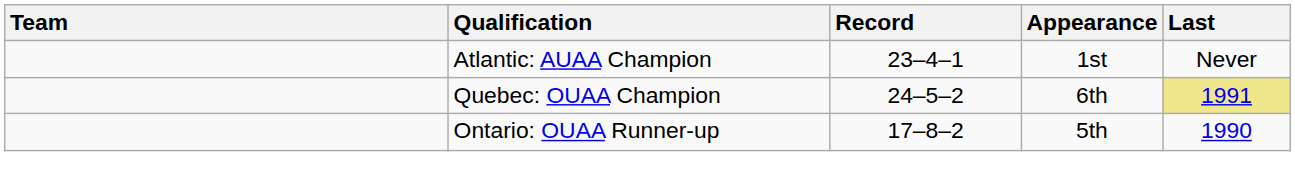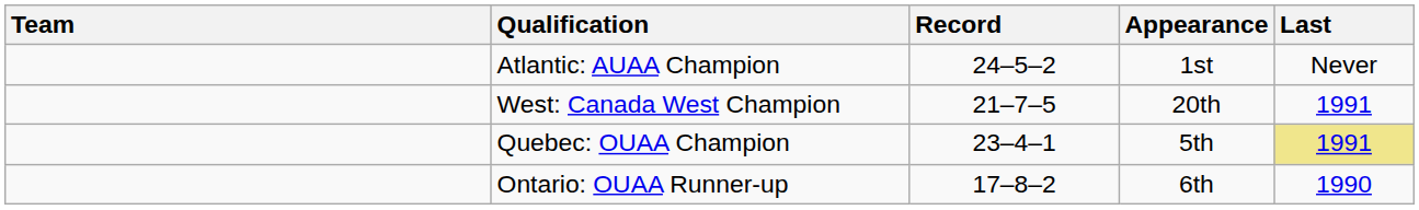 <table class="wikitable sortable" style="text-align: center;" width=900>
 <tr style="background:#efefef; text-align:center">
 <th style="text-align:left" width=35%>Team</th>
 <th style="text-align:left" width=30%>Qualification</th>
 <th style="text-align:left" width=15%>Record</th>
 <th style="text-align:left" width=10%>Appearance</th>
 <th style="text-align:left" width=10%>Last</th>
 </tr>
 <tr style="text-align:center">
 <td style="text-align:left; "><a href='#'></a></td>
 <td style="text-align:left">Atlantic: <a href='#'>AUAA</a> Champion</td>
-<td style="text-align:center">23–4–1</td>
+<td style="text-align:center">24–5–2</td>
 <td style="text-align:center">1st</td>
 <td style="text-align:center">Never</td>
 </tr>
 <tr style="text-align:center">
 <td style="text-align:left; "><a href='#'></a></td>
+<td style="text-align:left">West: <a href='#'>Canada West</a> Champion</td>
+<td style="text-align:center">21–7–5</td>
+<td style="text-align:center">20th</td>
+<td style="text-align:center"><a href='#'>1991</a></td>
+</tr>
+<tr style="text-align:center">
+<td style="text-align:left; "><a href='#'></a></td>
 <td style="text-align:left">Quebec: <a href='#'>OUAA</a> Champion</td>
-<td style="text-align:center">24–5–2</td>
-<td style="text-align:center">6th</td>
+<td style="text-align:center">23–4–1</td>
+<td style="text-align:center">5th</td>
 <td style="background: khaki; text-align:center"><a href='#'>1991</a></td>
 </tr>
 <tr style="text-align:center">
 <td style="text-align:left; "><a href='#'></a></td>
 <td style="text-align:left">Ontario: <a href='#'>OUAA</a> Runner-up</td>
 <td style="text-align:center">17–8–2</td>
-<td style="text-align:center">5th</td>
+<td style="text-align:center">6th</td>
 <td style="text-align:center"><a href='#'>1990</a></td>
 </tr>
 </table>
